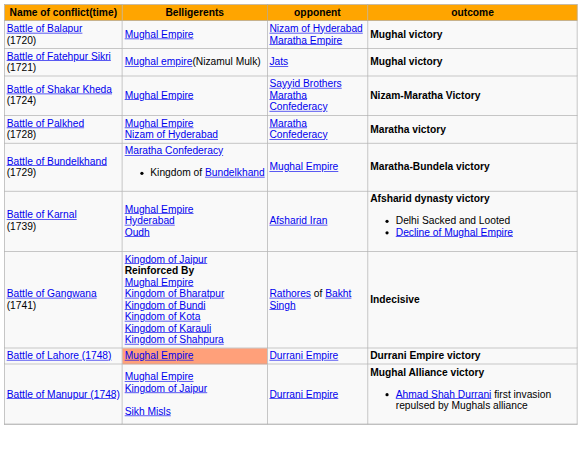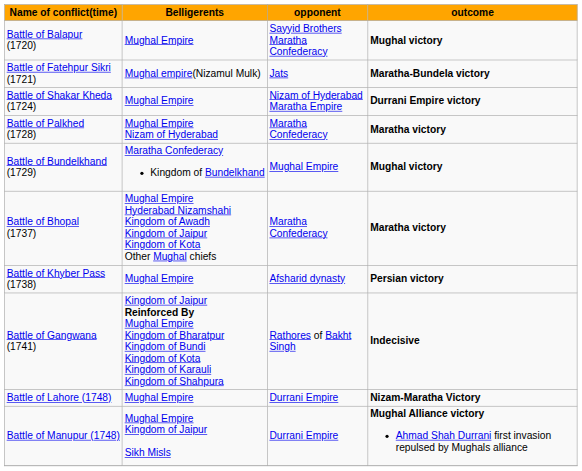 <table class="wikitable">
 <tr>
 <th style="background:orange;"><span>Name of conflict(time)</span></th>
 <th style="background:orange;widh:150px;"><span>Belligerents</span></th>
 <th style="background:orange;width:150px;"><span> opponent</span></th>
 <th style="background:orange;width:320px;"><span> outcome</span></th>
 </tr>
 <tr>
 <td><a href='#'>Battle of Balapur</a><br>(1720)</td>
 <td> <a href='#'>Mughal Empire</a></td>
-<td> <a href='#'>Nizam of Hyderabad</a><br> <a href='#'>Maratha Empire</a></td>
+<td><a href='#'>Sayyid Brothers</a><br> <a href='#'>Maratha Confederacy</a></td>
 <td><strong>Mughal victory</strong></td>
 </tr>
 <tr>
 <td><a href='#'>Battle of Fatehpur Sikri</a><br>(1721)</td>
 <td> <a href='#'>Mughal empire</a>(Nizamul Mulk)</td>
 <td><a href='#'>Jats</a></td>
-<td><strong>Mughal victory</strong></td>
+<td><strong>Maratha-Bundela victory</strong></td>
 </tr>
 <tr>
 <td><a href='#'>Battle of Shakar Kheda</a><br>(1724)</td>
 <td> <a href='#'>Mughal Empire</a></td>
-<td><a href='#'>Sayyid Brothers</a><br> <a href='#'>Maratha Confederacy</a></td>
-<td><strong>Nizam-Maratha Victory</strong></td>
+<td> <a href='#'>Nizam of Hyderabad</a><br> <a href='#'>Maratha Empire</a></td>
+<td><strong>Durrani Empire victory</strong></td>
 </tr>
 <tr>
 <td><a href='#'>Battle of Palkhed</a><br>(1728)</td>
 <td> <a href='#'>Mughal Empire</a><br> <a href='#'>Nizam of Hyderabad</a></td>
 <td> <a href='#'>Maratha Confederacy</a></td>
 <td><strong>Maratha victory</strong></td>
 </tr>
 <tr>
 <td><a href='#'>Battle of Bundelkhand</a><br>(1729)</td>
 <td> <a href='#'>Maratha Confederacy</a><br><ul><li>Kingdom of <a href='#'>Bundelkhand</a></li></ul></td>
 <td> <a href='#'>Mughal Empire</a></td>
-<td><strong>Maratha-Bundela victory</strong></td>
+<td><strong>Mughal victory</strong></td>
 </tr>
 <tr>
-<td><a href='#'>Battle of Karnal</a><br>(1739)</td>
-<td> <a href='#'>Mughal Empire</a><br> <a href='#'>Hyderabad</a><br> <a href='#'>Oudh</a></td>
-<td> <a href='#'>Afsharid Iran</a><br></td>
-<td><strong>Afsharid dynasty victory</strong><br><ul><li>Delhi Sacked and Looted</li><li><a href='#'>Decline of Mughal Empire</a></li></ul></td>
+<td><a href='#'>Battle of Bhopal</a><br>(1737)</td>
+<td> <a href='#'>Mughal Empire</a><br> <a href='#'>Hyderabad Nizamshahi</a><br> <a href='#'>Kingdom of Awadh</a><br> <a href='#'>Kingdom of Jaipur</a><br> <a href='#'>Kingdom of Kota</a><br>Other <a href='#'>Mughal</a> chiefs</td>
+<td> <a href='#'>Maratha Confederacy</a></td>
+<td><strong>Maratha victory</strong></td>
+</tr>
+<tr>
+<td><a href='#'>Battle of Khyber Pass</a><br>(1738)</td>
+<td> <a href='#'>Mughal Empire</a></td>
+<td> <a href='#'>Afsharid dynasty</a></td>
+<td><strong>Persian victory</strong></td>
 </tr>
 <tr>
 <td><a href='#'>Battle of Gangwana</a><br>(1741)</td>
 <td> <a href='#'>Kingdom of Jaipur</a><br><strong>Reinforced By</strong><br> <a href='#'>Mughal Empire</a><br> <a href='#'>Kingdom of Bharatpur</a><br>  <a href='#'>Kingdom of Bundi</a><br> <a href='#'>Kingdom of Kota</a><br> <a href='#'>Kingdom of Karauli</a><br> <a href='#'>Kingdom of Shahpura</a></td>
 <td> <a href='#'>Rathores</a> of <a href='#'>Bakht Singh</a></td>
 <td><strong>Indecisive</strong></td>
 </tr>
 <tr>
 <td><a href='#'>Battle of Lahore (1748)</a></td>
-<td style="background: lightsalmon;"> <a href='#'>Mughal Empire</a></td>
+<td> <a href='#'>Mughal Empire</a></td>
 <td> <a href='#'>Durrani Empire</a></td>
-<td><strong>Durrani Empire victory</strong></td>
+<td><strong>Nizam-Maratha Victory</strong></td>
 </tr>
 <tr>
 <td><a href='#'>Battle of Manupur (1748)</a><br></td>
 <td> <a href='#'>Mughal Empire</a><br> <a href='#'>Kingdom of Jaipur</a><br><br> <a href='#'>Sikh Misls</a></td>
 <td>  <a href='#'>Durrani Empire</a></td>
 <td><strong>Mughal Alliance victory</strong><br><ul><li><a href='#'>Ahmad Shah Durrani</a> first invasion repulsed by Mughals alliance</li></ul></td>
 </tr>
 <tr>
 </tr>
 </table>
